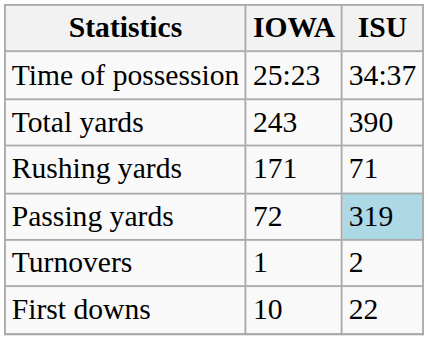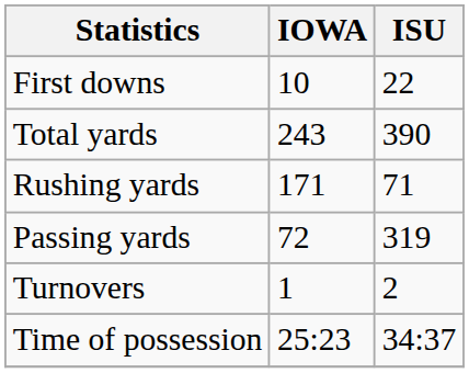 <table class="wikitable">
 <tr>
 <th>Statistics</th>
 <th>IOWA</th>
 <th>ISU</th>
 </tr>
 <tr>
-<td>Time of possession</td>
-<td>25:23</td>
-<td>34:37</td>
+<td>First downs</td>
+<td>10</td>
+<td>22</td>
 </tr>
 <tr>
 <td>Total yards</td>
 <td>243</td>
 <td>390</td>
 </tr>
 <tr>
 <td>Rushing yards</td>
 <td>171</td>
 <td>71</td>
 </tr>
 <tr>
 <td>Passing yards</td>
 <td>72</td>
-<td style="background: lightblue;">319</td>
+<td>319</td>
 </tr>
 <tr>
 <td>Turnovers</td>
 <td>1</td>
 <td>2</td>
 </tr>
 <tr>
-<td>First downs</td>
-<td>10</td>
-<td>22</td>
+<td>Time of possession</td>
+<td>25:23</td>
+<td>34:37</td>
 </tr>
 <tr>
 </tr>
 </table>
